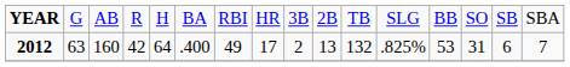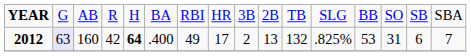 <table class="sortable wikitable" style="text-align:center;">
 <tr>
 <td><strong>YEAR</strong></td>
 <td><a href='#'>G</a></td>
 <td><a href='#'>AB</a></td>
 <td><a href='#'>R</a></td>
 <td><a href='#'>H</a></td>
 <td><a href='#'>BA</a></td>
 <td><a href='#'>RBI</a></td>
 <td><a href='#'>HR</a></td>
 <td><a href='#'>3B</a></td>
 <td><a href='#'>2B</a></td>
 <td><a href='#'>TB</a></td>
 <td><a href='#'>SLG</a></td>
 <td><a href='#'>BB</a></td>
 <td><a href='#'>SO</a></td>
 <td><a href='#'>SB</a></td>
 <td>SBA</td>
 </tr>
 <tr>
 <td><strong>2012</strong></td>
-<td>63</td>
+<td style="background: lavender;">63</td>
 <td>160</td>
 <td>42</td>
-<td>64</td>
+<td><strong>64</strong></td>
 <td>.400</td>
 <td>49</td>
 <td>17</td>
 <td>2</td>
 <td>13</td>
 <td>132</td>
 <td>.825%</td>
 <td>53</td>
 <td>31</td>
 <td>6</td>
 <td>7</td>
 </tr>
 <tr>
 </tr>
 </table>
